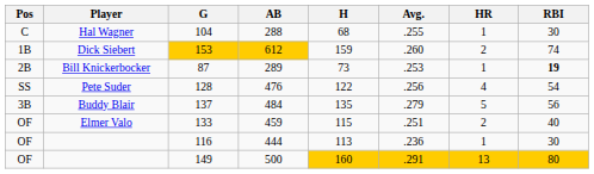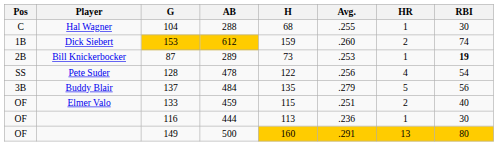 <table class="wikitable sortable">
 <tr>
 <th bgcolor="#DDDDFF" width="5%">Pos</th>
 <th bgcolor="#DDDDFF" width="16%">Player</th>
 <th bgcolor="#DDDDFF" width="9%">G</th>
 <th bgcolor="#DDDDFF" width="9%">AB</th>
 <th bgcolor="#DDDDFF" width="9%">H</th>
 <th bgcolor="#DDDDFF" width="9%">Avg.</th>
 <th bgcolor="#DDDDFF" width="9%">HR</th>
 <th bgcolor="#DDDDFF" width="9%">RBI</th>
 </tr>
 <tr align="center">
 <td>C</td>
 <td><a href='#'>Hal Wagner</a></td>
 <td>104</td>
 <td>288</td>
 <td>68</td>
 <td>.255</td>
 <td>1</td>
 <td>30</td>
 </tr>
 <tr align=center>
 <td>1B</td>
 <td><a href='#'>Dick Siebert</a></td>
 <td style="background:#fc0;">153</td>
 <td style="background:#fc0;">612</td>
 <td>159</td>
 <td>.260</td>
 <td>2</td>
 <td>74</td>
 </tr>
 <tr align=center>
 <td>2B</td>
 <td><a href='#'>Bill Knickerbocker</a></td>
 <td>87</td>
 <td>289</td>
 <td>73</td>
 <td>.253</td>
 <td>1</td>
 <td><strong>19</strong></td>
 </tr>
 <tr align=center>
 <td>SS</td>
 <td><a href='#'>Pete Suder</a></td>
 <td>128</td>
-<td>476</td>
+<td>478</td>
 <td>122</td>
 <td>.256</td>
 <td>4</td>
 <td>54</td>
 </tr>
 <tr align=center>
 <td>3B</td>
 <td><a href='#'>Buddy Blair</a></td>
 <td>137</td>
 <td>484</td>
 <td>135</td>
 <td>.279</td>
 <td>5</td>
 <td>56</td>
 </tr>
 <tr align=center>
 <td>OF</td>
 <td><a href='#'>Elmer Valo</a></td>
 <td>133</td>
 <td>459</td>
 <td>115</td>
 <td>.251</td>
 <td>2</td>
 <td>40</td>
 </tr>
 <tr align=center>
 <td>OF</td>
 <td></td>
 <td>116</td>
 <td>444</td>
 <td>113</td>
 <td>.236</td>
 <td>1</td>
 <td>30</td>
 </tr>
 <tr align="center">
 <td>OF</td>
 <td></td>
 <td>149</td>
 <td>500</td>
 <td style="background:#fc0;">160</td>
 <td style="background:#fc0;">.291</td>
 <td style="background:#fc0;">13</td>
 <td style="background:#fc0;">80</td>
 </tr>
 </table>
